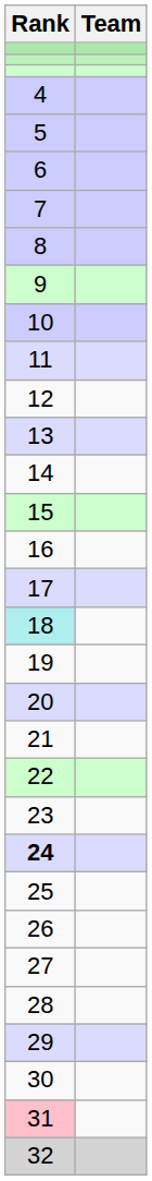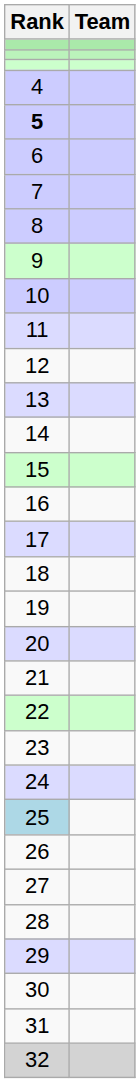 <table class="wikitable">
 <tr>
 <th style="width: 40px;">Rank</th>
 <th>Team</th>
 </tr>
 <tr style="background: #AAE9AA;">
 <td style="text-align: center;"></td>
 <td></td>
 </tr>
 <tr style="background: #BBF3BB;">
 <td style="text-align: center;"></td>
 <td></td>
 </tr>
 <tr style="background: #CCFFCC;">
 <td style="text-align: center;"></td>
 <td></td>
 </tr>
 <tr style="background: #CCCCFF;">
 <td style="text-align: center;">4</td>
 <td></td>
 </tr>
 <tr style="background: #CCCCFF;">
-<td style="text-align: center;">5</td>
+<td style="text-align: center;"><strong>5</strong></td>
 <td></td>
 </tr>
 <tr style="background: #CCCCFF;">
 <td style="text-align: center;">6</td>
 <td></td>
 </tr>
 <tr style="background: #CCCCFF;">
 <td style="text-align: center;">7</td>
 <td></td>
 </tr>
 <tr style="background: #CCCCFF;">
 <td style="text-align: center;">8</td>
 <td></td>
 </tr>
 <tr style="background: #CCFFCC;">
 <td style="text-align: center;">9</td>
 <td></td>
 </tr>
 <tr style="background: #CCCCFF;">
 <td style="text-align: center;">10</td>
 <td></td>
 </tr>
 <tr style="background: #DBDBFF;">
 <td style="text-align: center;">11</td>
 <td></td>
 </tr>
 <tr>
 <td style="text-align: center;">12</td>
 <td></td>
 </tr>
 <tr style="background: #DBDBFF;">
 <td style="text-align: center;">13</td>
 <td></td>
 </tr>
 <tr>
 <td style="text-align: center;">14</td>
 <td></td>
 </tr>
 <tr style="background: #CCFFCC;">
 <td style="text-align: center;">15</td>
 <td></td>
 </tr>
 <tr>
 <td style="text-align: center;">16</td>
 <td></td>
 </tr>
 <tr style="background: #DBDBFF;">
 <td style="text-align: center;">17</td>
 <td></td>
 </tr>
 <tr>
-<td style="background: paleturquoise; text-align: center;">18</td>
+<td style="text-align: center;">18</td>
 <td></td>
 </tr>
 <tr>
 <td style="text-align: center;">19</td>
 <td></td>
 </tr>
 <tr style="background: #DBDBFF;">
 <td style="text-align: center;">20</td>
 <td></td>
 </tr>
 <tr>
 <td style="text-align: center;">21</td>
 <td></td>
 </tr>
 <tr style="background: #CCFFCC;">
 <td style="text-align: center;">22</td>
 <td></td>
 </tr>
 <tr>
 <td style="text-align: center;">23</td>
 <td></td>
 </tr>
 <tr style="background: #DBDBFF;">
-<td style="text-align: center;"><strong>24</strong></td>
+<td style="text-align: center;">24</td>
 <td></td>
 </tr>
 <tr>
-<td style="text-align: center;">25</td>
+<td style="background: lightblue; text-align: center;">25</td>
 <td></td>
 </tr>
 <tr>
 <td style="text-align: center;">26</td>
 <td></td>
 </tr>
 <tr>
 <td style="text-align: center;">27</td>
 <td></td>
 </tr>
 <tr>
 <td style="text-align: center;">28</td>
 <td></td>
 </tr>
 <tr style="background: #DBDBFF;">
 <td style="text-align: center;">29</td>
 <td></td>
 </tr>
 <tr>
 <td style="text-align: center;">30</td>
 <td></td>
 </tr>
 <tr>
-<td style="background: pink; text-align: center;">31</td>
+<td style="text-align: center;">31</td>
 <td></td>
 </tr>
 <tr style="background: lightgrey;">
 <td style="text-align: center;">32</td>
 <td></td>
 </tr>
 </table>
